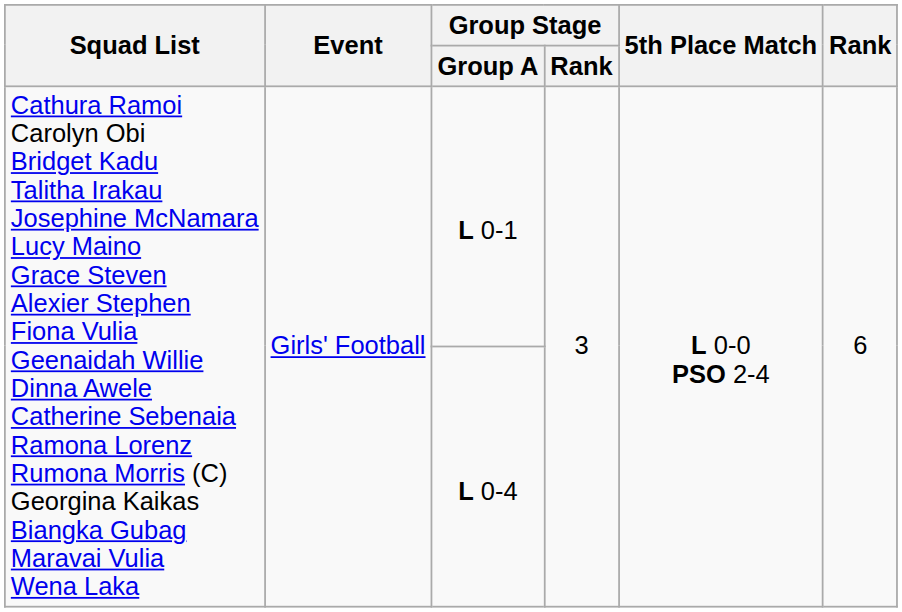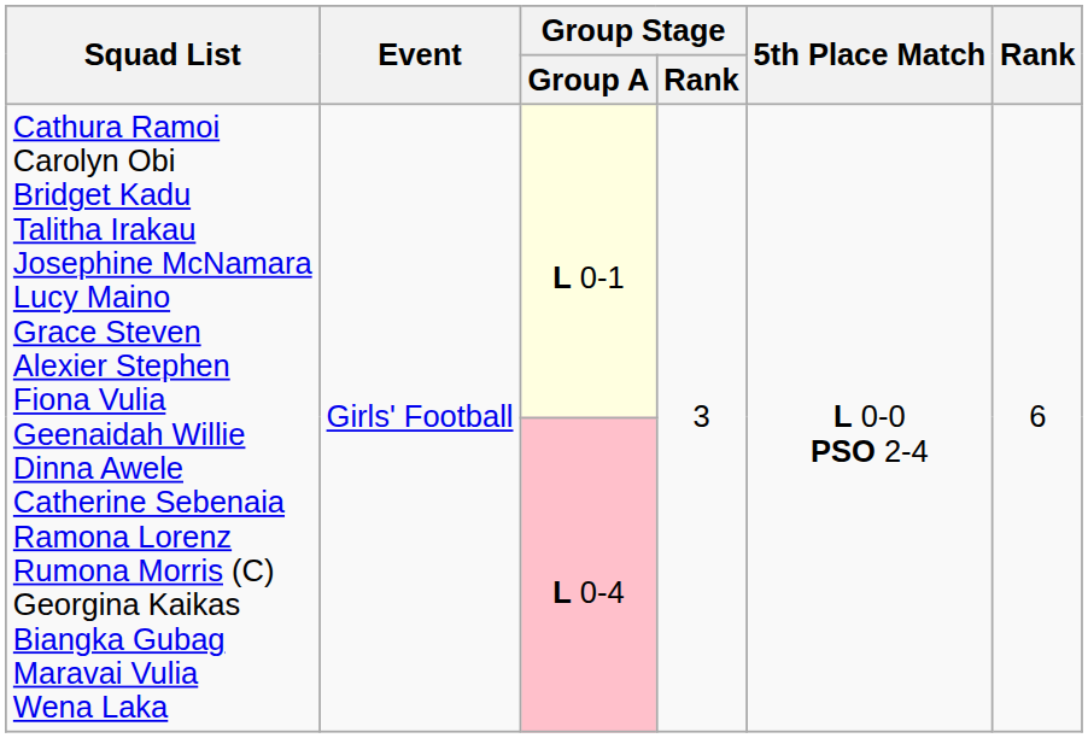 <table class=wikitable style="font-size:90%">
 <tr>
 <th rowspan=2>Squad List</th>
 <th rowspan=2>Event</th>
 <th colspan=2>Group Stage</th>
 <th rowspan=2>5th Place Match</th>
 <th rowspan=2>Rank</th>
 </tr>
 <tr>
 <th>Group A</th>
 <th>Rank</th>
 </tr>
 <tr>
 <td rowspan=2><a href='#'>Cathura Ramoi</a><br>Carolyn Obi<br><a href='#'>Bridget Kadu</a><br><a href='#'>Talitha Irakau</a><br><a href='#'>Josephine McNamara</a><br><a href='#'>Lucy Maino</a><br><a href='#'>Grace Steven</a><br><a href='#'>Alexier Stephen</a><br><a href='#'>Fiona Vulia</a><br><a href='#'>Geenaidah Willie</a><br><a href='#'>Dinna Awele</a><br><a href='#'>Catherine Sebenaia</a><br><a href='#'>Ramona Lorenz</a><br><a href='#'>Rumona Morris</a> (C)<br>Georgina Kaikas<br><a href='#'>Biangka Gubag</a><br><a href='#'>Maravai Vulia</a><br><a href='#'>Wena Laka</a></td>
 <td rowspan=2><a href='#'>Girls' Football</a></td>
-<td align=center><br> <strong>L</strong> 0-1</td>
+<td align=center style="background: lightyellow;"><br> <strong>L</strong> 0-1</td>
 <td rowspan=2 align=center>3</td>
 <td rowspan=2 align=center><br> <strong>L</strong> 0-0<br> <strong>PSO</strong> 2-4</td>
 <td rowspan=2 align=center>6</td>
 </tr>
 <tr>
-<td align=center><br> <strong>L</strong> 0-4</td>
+<td align=center style="background: pink;"><br> <strong>L</strong> 0-4</td>
 </tr>
 </table>
